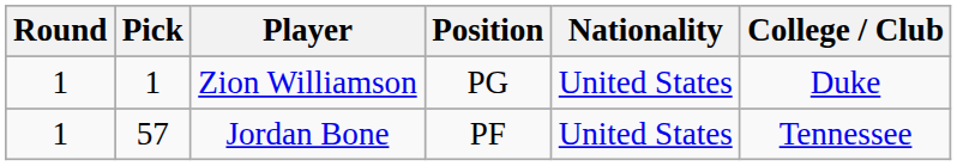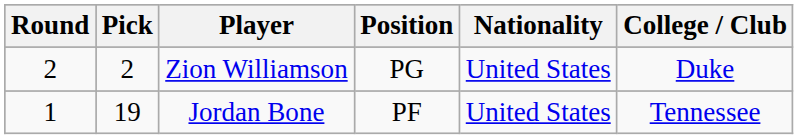 <table class="wikitable sortable sortable">
 <tr>
 <th style="background:#">Round</th>
 <th style="background:#">Pick</th>
 <th style="background:#">Player</th>
 <th style="background:#">Position</th>
 <th style="background:#">Nationality</th>
 <th style="background:#">College / Club</th>
 </tr>
 <tr style="text-align: center">
-<td>1</td>
-<td>1</td>
+<td>2</td>
+<td>2</td>
 <td><a href='#'>Zion Williamson</a></td>
 <td>PG</td>
 <td> <a href='#'>United States</a></td>
 <td><a href='#'>Duke</a></td>
 </tr>
 <tr style="text-align: center">
 <td>1</td>
-<td>57</td>
+<td>19</td>
 <td><a href='#'>Jordan Bone</a></td>
 <td>PF</td>
 <td> <a href='#'>United States</a></td>
 <td><a href='#'>Tennessee</a></td>
 </tr>
 </table>
